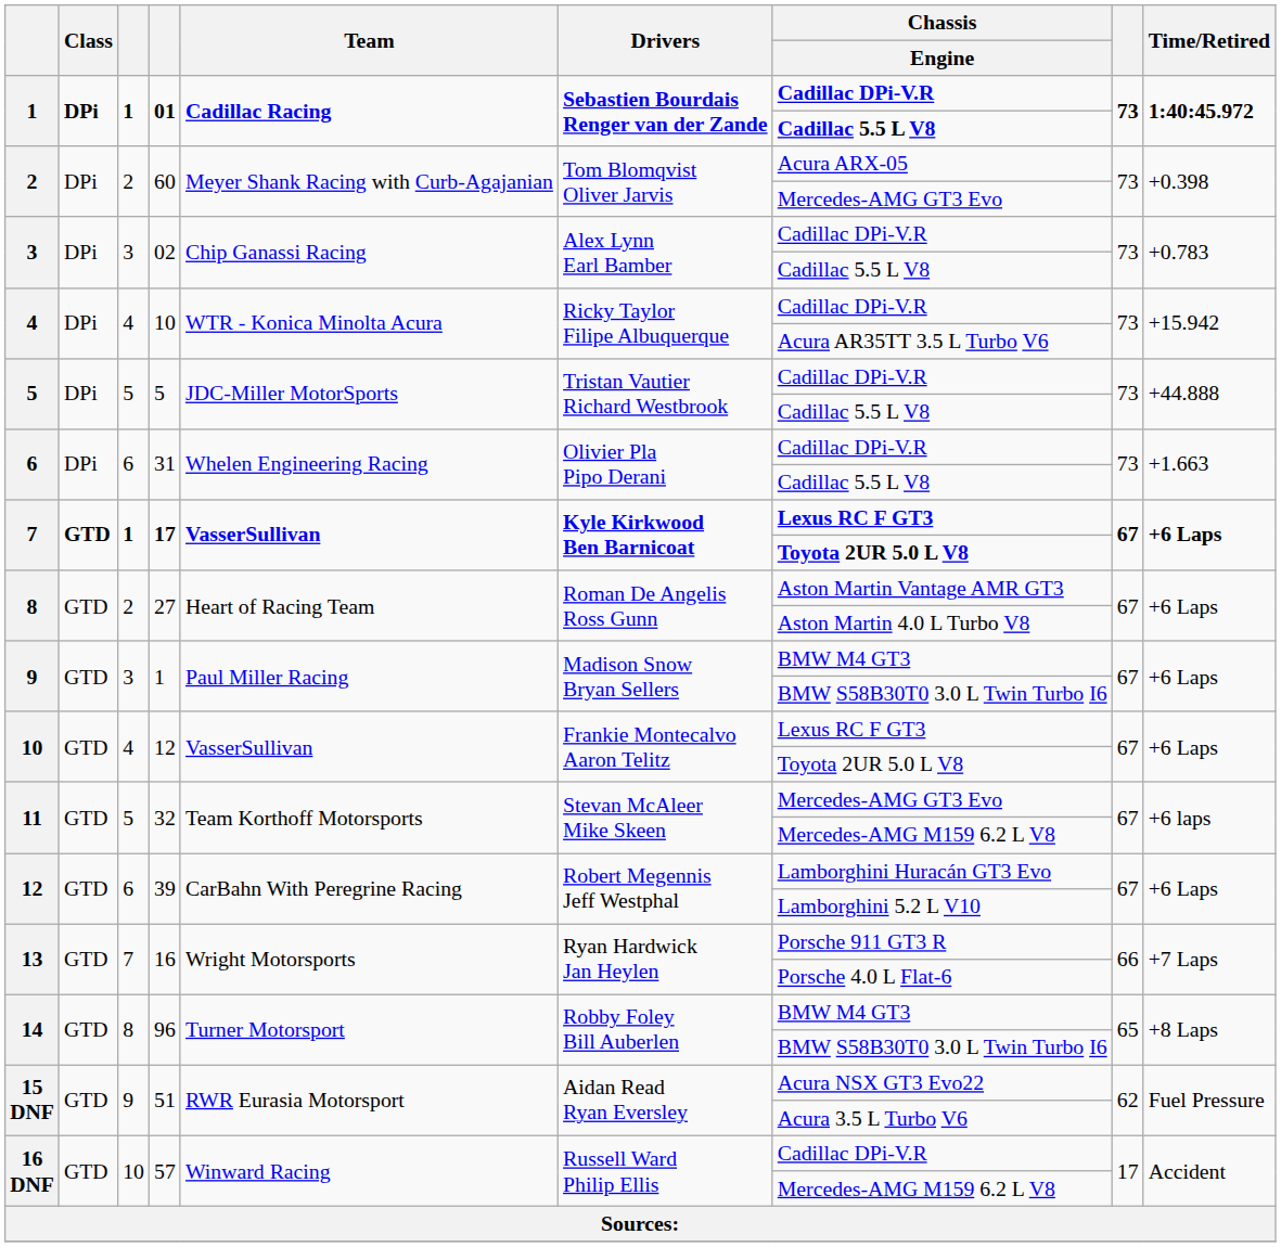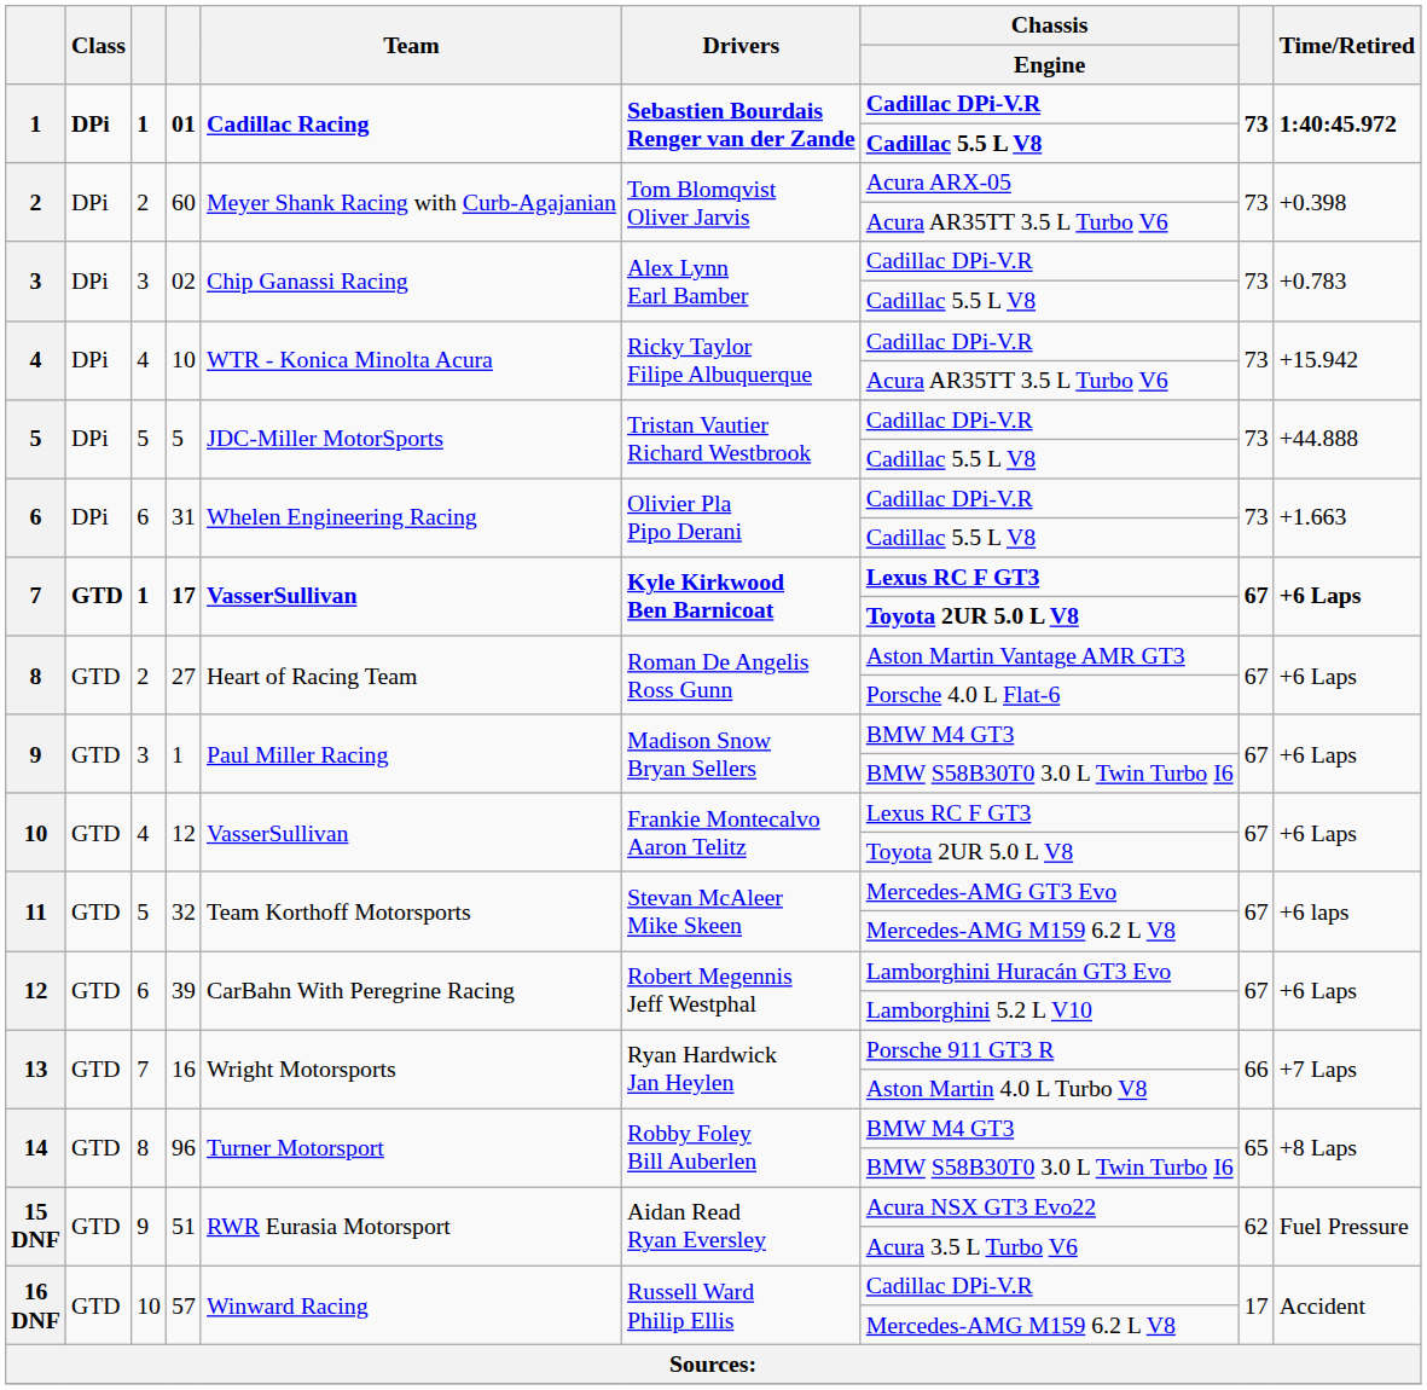 <table class="wikitable" style="font-size: 95%;">
 <tr>
 <th rowspan=2></th>
 <th rowspan=2>Class</th>
 <th rowspan=2></th>
 <th rowspan=2></th>
 <th rowspan=2>Team</th>
 <th rowspan=2>Drivers</th>
 <th>Chassis</th>
 <th rowspan=2></th>
 <th rowspan=2>Time/Retired</th>
 </tr>
 <tr>
 <th>Engine</th>
 </tr>
 <tr style="font-weight:bold">
 <th rowspan=2>1</th>
 <td rowspan=2>DPi</td>
 <td rowspan=2>1</td>
 <td rowspan=2>01</td>
 <td rowspan=2> <a href='#'>Cadillac Racing</a></td>
 <td rowspan=2> <a href='#'>Sebastien Bourdais</a><br> <a href='#'>Renger van der Zande</a></td>
 <td><a href='#'>Cadillac DPi-V.R</a></td>
 <td rowspan=2>73</td>
 <td rowspan=2>1:40:45.972</td>
 </tr>
 <tr style="font-weight:bold">
 <td><a href='#'>Cadillac</a> 5.5 L <a href='#'>V8</a></td>
 </tr>
 <tr>
 <th rowspan=2>2</th>
 <td rowspan=2>DPi</td>
 <td rowspan=2>2</td>
 <td rowspan=2>60</td>
 <td rowspan=2> <a href='#'>Meyer Shank Racing</a> with <a href='#'>Curb-Agajanian</a></td>
 <td rowspan=2> <a href='#'>Tom Blomqvist</a><br> <a href='#'>Oliver Jarvis</a></td>
 <td><a href='#'>Acura ARX-05</a></td>
 <td rowspan=2>73</td>
 <td rowspan=2>+0.398</td>
 </tr>
 <tr>
-<td><a href='#'>Mercedes-AMG GT3 Evo</a></td>
+<td><a href='#'>Acura</a> AR35TT 3.5 L <a href='#'>Turbo</a> <a href='#'>V6</a></td>
 </tr>
 <tr>
 <th rowspan=2>3</th>
 <td rowspan=2>DPi</td>
 <td rowspan=2>3</td>
 <td rowspan=2>02</td>
 <td rowspan=2> <a href='#'>Chip Ganassi Racing</a></td>
 <td rowspan=2> <a href='#'>Alex Lynn</a><br> <a href='#'>Earl Bamber</a></td>
 <td><a href='#'>Cadillac DPi-V.R</a></td>
 <td rowspan=2>73</td>
 <td rowspan=2>+0.783</td>
 </tr>
 <tr>
 <td><a href='#'>Cadillac</a> 5.5 L <a href='#'>V8</a></td>
 </tr>
 <tr>
 <th rowspan=2>4</th>
 <td rowspan=2>DPi</td>
 <td rowspan=2>4</td>
 <td rowspan=2>10</td>
 <td rowspan=2> <a href='#'>WTR - Konica Minolta Acura</a></td>
 <td rowspan=2> <a href='#'>Ricky Taylor</a><br> <a href='#'>Filipe Albuquerque</a></td>
 <td><a href='#'>Cadillac DPi-V.R</a></td>
 <td rowspan=2>73</td>
 <td rowspan=2>+15.942</td>
 </tr>
 <tr>
 <td><a href='#'>Acura</a> AR35TT 3.5 L <a href='#'>Turbo</a> <a href='#'>V6</a></td>
 </tr>
 <tr>
 <th rowspan=2>5</th>
 <td rowspan=2>DPi</td>
 <td rowspan=2>5</td>
 <td rowspan=2>5</td>
 <td rowspan=2> <a href='#'>JDC-Miller MotorSports</a></td>
 <td rowspan=2> <a href='#'>Tristan Vautier</a><br> <a href='#'>Richard Westbrook</a></td>
 <td><a href='#'>Cadillac DPi-V.R</a></td>
 <td rowspan=2>73</td>
 <td rowspan=2>+44.888</td>
 </tr>
 <tr>
 <td><a href='#'>Cadillac</a> 5.5 L <a href='#'>V8</a></td>
 </tr>
 <tr>
 <th rowspan=2>6</th>
 <td rowspan=2>DPi</td>
 <td rowspan=2>6</td>
 <td rowspan=2>31</td>
 <td rowspan=2> <a href='#'>Whelen Engineering Racing</a></td>
 <td rowspan=2> <a href='#'>Olivier Pla</a><br> <a href='#'>Pipo Derani</a></td>
 <td><a href='#'>Cadillac DPi-V.R</a></td>
 <td rowspan=2>73</td>
 <td rowspan=2>+1.663</td>
 </tr>
 <tr>
 <td><a href='#'>Cadillac</a> 5.5 L <a href='#'>V8</a></td>
 </tr>
 <tr style="font-weight:bold">
 <th rowspan=2>7</th>
 <td rowspan=2>GTD</td>
 <td rowspan=2>1</td>
 <td rowspan=2>17</td>
 <td rowspan=2> <a href='#'>VasserSullivan</a></td>
 <td rowspan=2> <a href='#'>Kyle Kirkwood</a><br> <a href='#'>Ben Barnicoat</a></td>
 <td><a href='#'>Lexus RC F GT3</a></td>
 <td rowspan=2>67</td>
 <td rowspan=2>+6 Laps</td>
 </tr>
 <tr style="font-weight:bold">
 <td><a href='#'>Toyota</a> 2UR 5.0 L <a href='#'>V8</a></td>
 </tr>
 <tr>
 <th rowspan=2>8</th>
 <td rowspan=2>GTD</td>
 <td rowspan=2>2</td>
 <td rowspan=2>27</td>
 <td rowspan=2> Heart of Racing Team</td>
 <td rowspan=2> <a href='#'>Roman De Angelis</a><br> <a href='#'>Ross Gunn</a></td>
 <td><a href='#'>Aston Martin Vantage AMR GT3</a></td>
 <td rowspan=2>67</td>
 <td rowspan=2>+6 Laps</td>
 </tr>
 <tr>
-<td><a href='#'>Aston Martin</a> 4.0 L Turbo <a href='#'>V8</a></td>
+<td><a href='#'>Porsche</a> 4.0 L <a href='#'>Flat-6</a></td>
 </tr>
 <tr>
 <th rowspan=2>9</th>
 <td rowspan=2>GTD</td>
 <td rowspan=2>3</td>
 <td rowspan=2>1</td>
 <td rowspan=2> <a href='#'>Paul Miller Racing</a></td>
 <td rowspan=2> <a href='#'>Madison Snow</a><br> <a href='#'>Bryan Sellers</a></td>
 <td><a href='#'>BMW M4 GT3</a></td>
 <td rowspan=2>67</td>
 <td rowspan=2>+6 Laps</td>
 </tr>
 <tr>
 <td><a href='#'>BMW</a> <a href='#'>S58B30T0</a> 3.0 L <a href='#'>Twin Turbo</a> <a href='#'>I6</a></td>
 </tr>
 <tr>
 <th rowspan=2>10</th>
 <td rowspan=2>GTD</td>
 <td rowspan=2>4</td>
 <td rowspan=2>12</td>
 <td rowspan=2> <a href='#'>VasserSullivan</a></td>
 <td rowspan=2> <a href='#'>Frankie Montecalvo</a><br> <a href='#'>Aaron Telitz</a></td>
 <td><a href='#'>Lexus RC F GT3</a></td>
 <td rowspan=2>67</td>
 <td rowspan=2>+6 Laps</td>
 </tr>
 <tr>
 <td><a href='#'>Toyota</a> 2UR 5.0 L <a href='#'>V8</a></td>
 </tr>
 <tr>
 <th rowspan=2>11</th>
 <td rowspan=2>GTD</td>
 <td rowspan=2>5</td>
 <td rowspan=2>32</td>
 <td rowspan=2> Team Korthoff Motorsports</td>
 <td rowspan=2> <a href='#'>Stevan McAleer</a><br> <a href='#'>Mike Skeen</a></td>
 <td><a href='#'>Mercedes-AMG GT3 Evo</a></td>
 <td rowspan=2>67</td>
 <td rowspan=2>+6 laps</td>
 </tr>
 <tr>
 <td><a href='#'>Mercedes-AMG M159</a> 6.2 L <a href='#'>V8</a></td>
 </tr>
 <tr>
 <th rowspan=2>12</th>
 <td rowspan=2>GTD</td>
 <td rowspan=2>6</td>
 <td rowspan=2>39</td>
 <td rowspan=2> CarBahn With Peregrine Racing</td>
 <td rowspan=2> <a href='#'>Robert Megennis</a><br> Jeff Westphal</td>
 <td><a href='#'>Lamborghini Huracán GT3 Evo</a></td>
 <td rowspan=2>67</td>
 <td rowspan=2>+6 Laps</td>
 </tr>
 <tr>
 <td><a href='#'>Lamborghini</a> 5.2 L <a href='#'>V10</a></td>
 </tr>
 <tr>
 <th rowspan=2>13</th>
 <td rowspan=2>GTD</td>
 <td rowspan=2>7</td>
 <td rowspan=2>16</td>
 <td rowspan=2> Wright Motorsports</td>
 <td rowspan=2> Ryan Hardwick<br> <a href='#'>Jan Heylen</a></td>
 <td><a href='#'>Porsche 911 GT3 R</a></td>
 <td rowspan=2>66</td>
 <td rowspan=2>+7 Laps</td>
 </tr>
 <tr>
-<td><a href='#'>Porsche</a> 4.0 L <a href='#'>Flat-6</a></td>
+<td><a href='#'>Aston Martin</a> 4.0 L Turbo <a href='#'>V8</a></td>
 </tr>
 <tr>
 <th rowspan=2>14</th>
 <td rowspan=2>GTD</td>
 <td rowspan=2>8</td>
 <td rowspan=2>96</td>
 <td rowspan=2> <a href='#'>Turner Motorsport</a></td>
 <td rowspan=2> <a href='#'>Robby Foley</a><br> <a href='#'>Bill Auberlen</a></td>
 <td><a href='#'>BMW M4 GT3</a></td>
 <td rowspan=2>65</td>
 <td rowspan=2>+8 Laps</td>
 </tr>
 <tr>
 <td><a href='#'>BMW</a> <a href='#'>S58B30T0</a> 3.0 L <a href='#'>Twin Turbo</a> <a href='#'>I6</a></td>
 </tr>
 <tr>
 <th rowspan=2>15<br>DNF</th>
 <td rowspan=2>GTD</td>
 <td rowspan=2>9</td>
 <td rowspan=2>51</td>
 <td rowspan=2> <a href='#'>RWR</a> Eurasia Motorsport</td>
 <td rowspan=2> Aidan Read<br> <a href='#'>Ryan Eversley</a></td>
 <td><a href='#'>Acura NSX GT3 Evo22</a></td>
 <td rowspan=2>62</td>
 <td rowspan=2>Fuel Pressure</td>
 </tr>
 <tr>
 <td><a href='#'>Acura</a> 3.5 L <a href='#'>Turbo</a> <a href='#'>V6</a></td>
 </tr>
 <tr>
 <th rowspan=2>16<br>DNF</th>
 <td rowspan=2>GTD</td>
 <td rowspan=2>10</td>
 <td rowspan=2>57</td>
 <td rowspan=2> <a href='#'>Winward Racing</a></td>
 <td rowspan=2> <a href='#'>Russell Ward</a><br> <a href='#'>Philip Ellis</a></td>
 <td><a href='#'>Cadillac DPi-V.R</a></td>
 <td rowspan=2>17</td>
 <td rowspan=2>Accident</td>
 </tr>
 <tr>
 <td><a href='#'>Mercedes-AMG M159</a> 6.2 L <a href='#'>V8</a></td>
 </tr>
 <tr>
 <th colspan=9>Sources:</th>
 </tr>
 <tr>
 </tr>
 </table>
